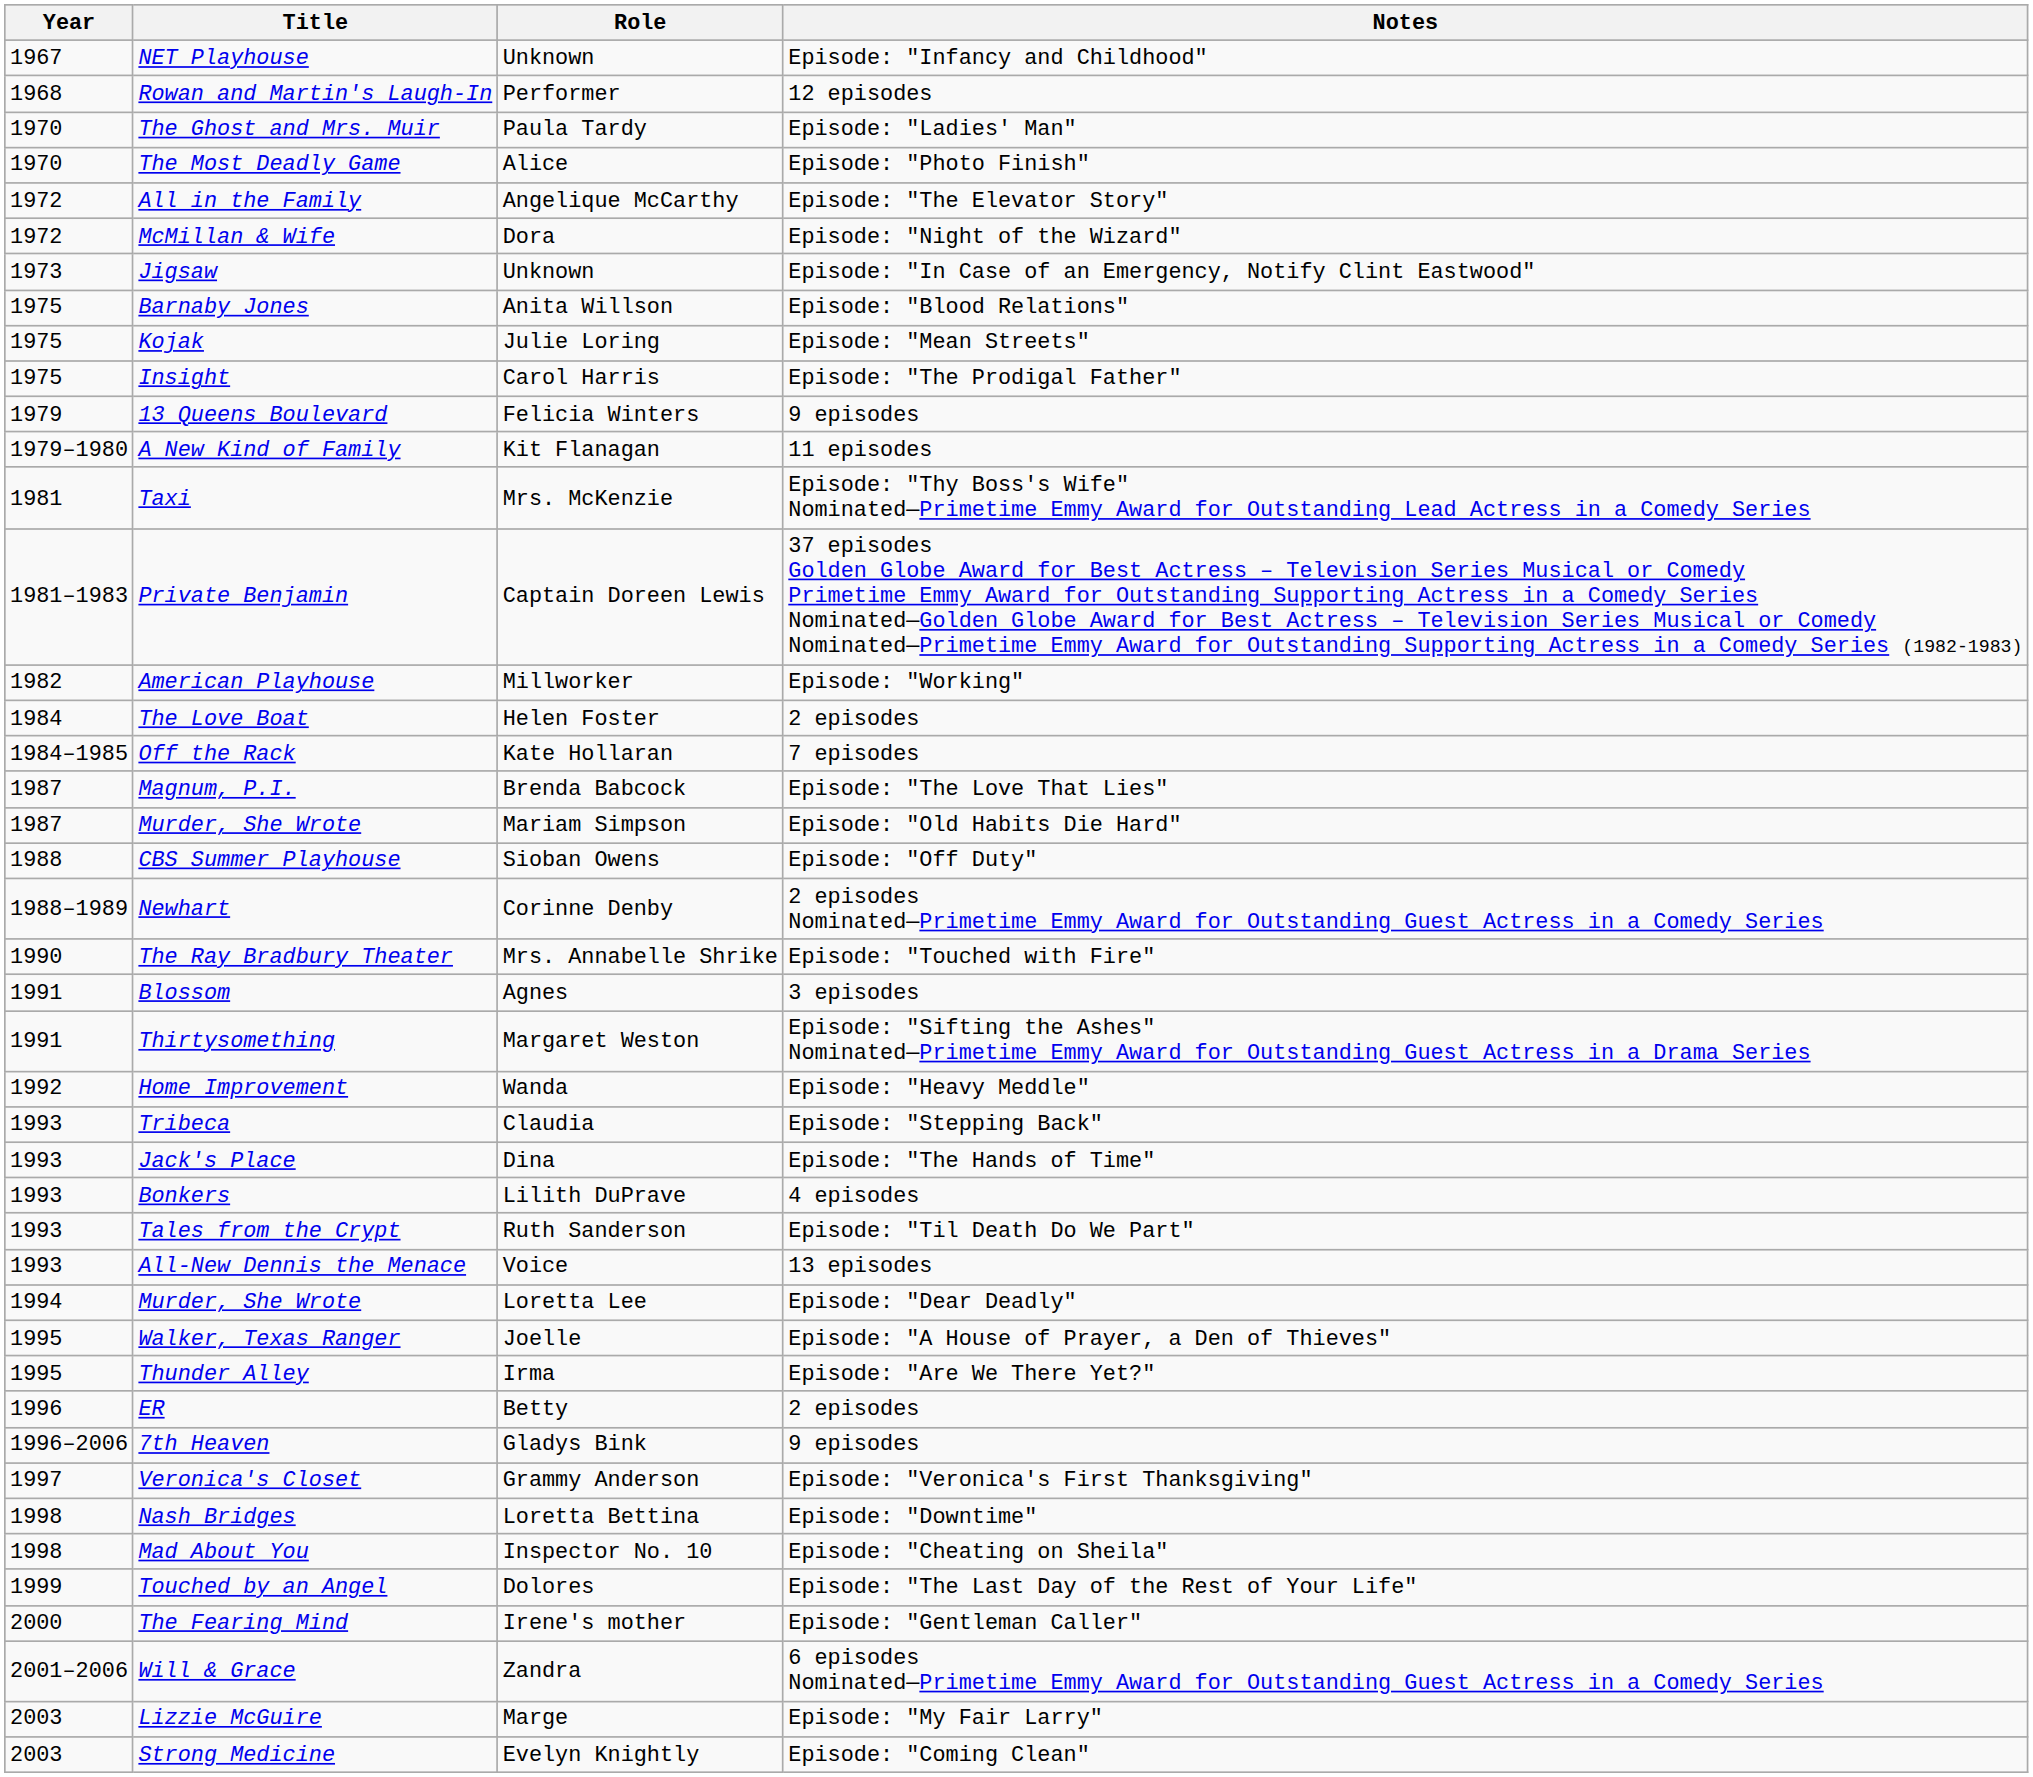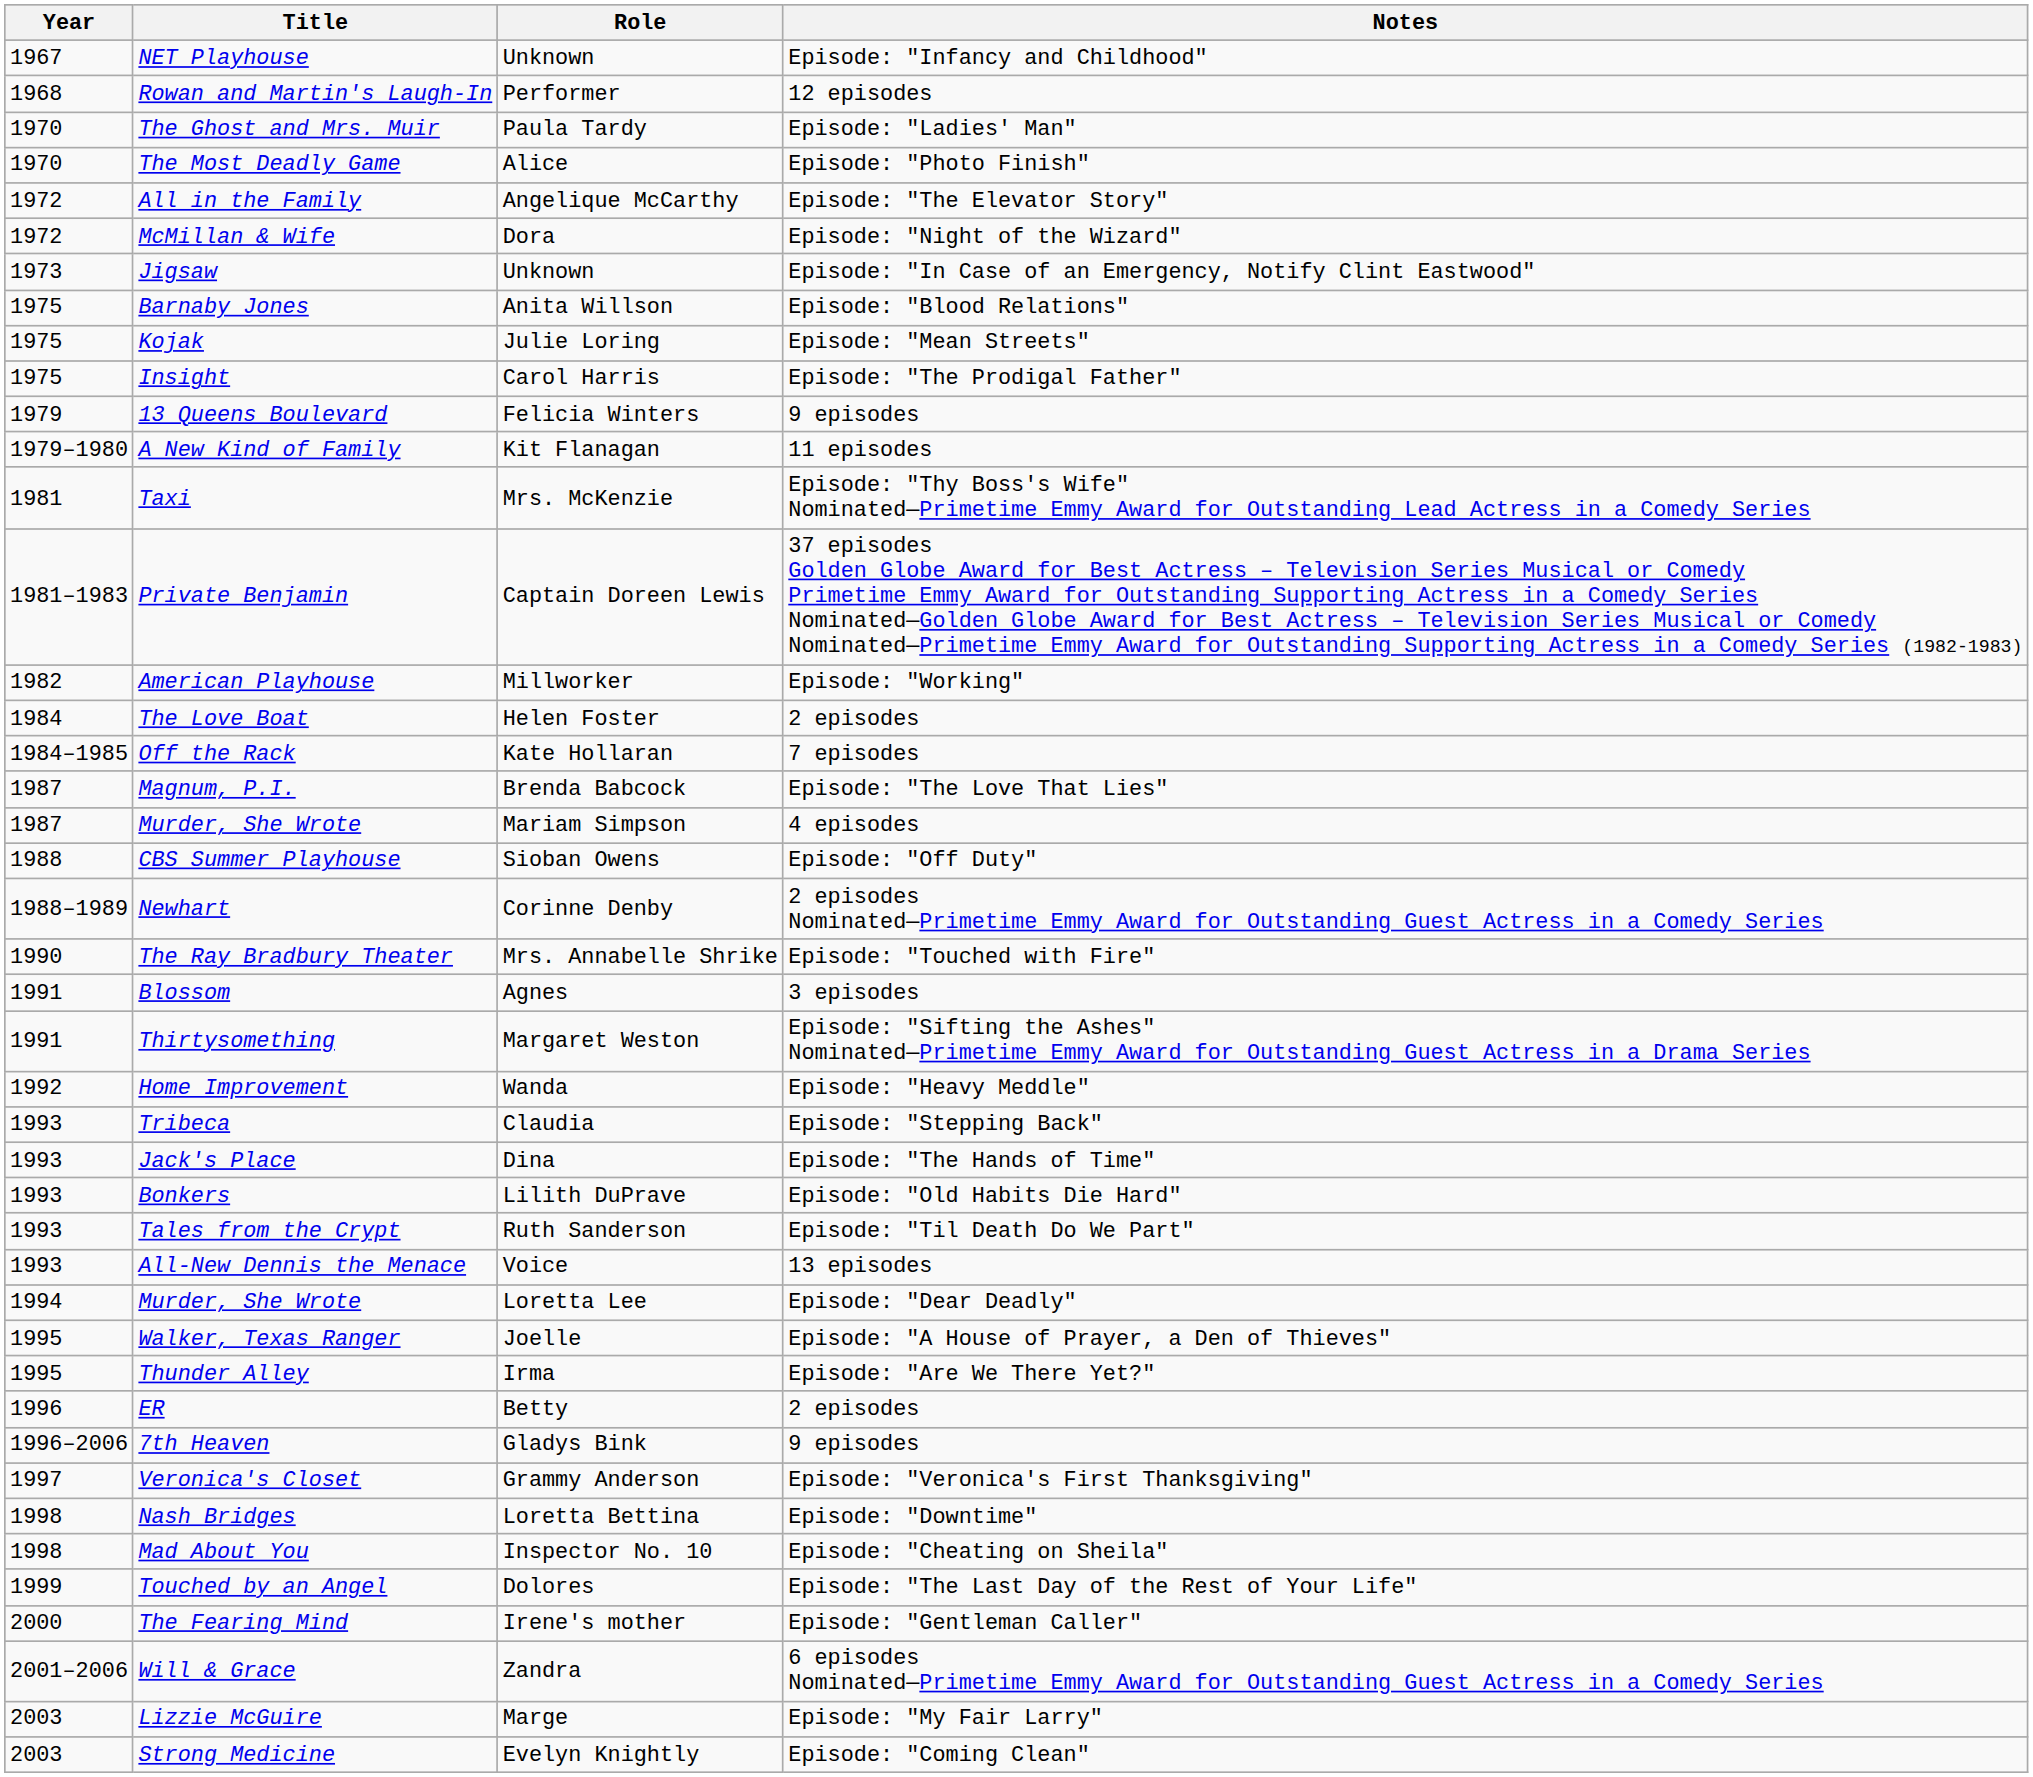 <table class="wikitable sortable">
 <tr>
 <th>Year</th>
 <th>Title</th>
 <th>Role</th>
 <th class="unsortable">Notes</th>
 </tr>
 <tr>
 <td>1967</td>
 <td><em><a href='#'>NET Playhouse</a></em></td>
 <td>Unknown</td>
 <td>Episode: "Infancy and Childhood"</td>
 </tr>
 <tr>
 <td>1968</td>
 <td><em><a href='#'>Rowan and Martin's Laugh-In</a></em></td>
 <td>Performer</td>
 <td>12 episodes</td>
 </tr>
 <tr>
 <td>1970</td>
 <td><em><a href='#'>The Ghost and Mrs. Muir</a></em></td>
 <td>Paula Tardy</td>
 <td>Episode: "Ladies' Man"</td>
 </tr>
 <tr>
 <td>1970</td>
 <td><em><a href='#'>The Most Deadly Game</a></em></td>
 <td>Alice</td>
 <td>Episode: "Photo Finish"</td>
 </tr>
 <tr>
 <td>1972</td>
 <td><em><a href='#'>All in the Family</a></em></td>
 <td>Angelique McCarthy</td>
 <td>Episode: "The Elevator Story"</td>
 </tr>
 <tr>
 <td>1972</td>
 <td><em><a href='#'>McMillan & Wife</a></em></td>
 <td>Dora</td>
 <td>Episode: "Night of the Wizard"</td>
 </tr>
 <tr>
 <td>1973</td>
 <td><em><a href='#'>Jigsaw</a></em></td>
 <td>Unknown</td>
 <td>Episode: "In Case of an Emergency, Notify Clint Eastwood"</td>
 </tr>
 <tr>
 <td>1975</td>
 <td><em><a href='#'>Barnaby Jones</a></em></td>
 <td>Anita Willson</td>
 <td>Episode: "Blood Relations"</td>
 </tr>
 <tr>
 <td>1975</td>
 <td><em><a href='#'>Kojak</a></em></td>
 <td>Julie Loring</td>
 <td>Episode: "Mean Streets"</td>
 </tr>
 <tr>
 <td>1975</td>
 <td><em><a href='#'>Insight</a></em></td>
 <td>Carol Harris</td>
 <td>Episode: "The Prodigal Father"</td>
 </tr>
 <tr>
 <td>1979</td>
 <td><em><a href='#'>13 Queens Boulevard</a></em></td>
 <td>Felicia Winters</td>
 <td>9 episodes</td>
 </tr>
 <tr>
 <td>1979–1980</td>
 <td><em><a href='#'>A New Kind of Family</a></em></td>
 <td>Kit Flanagan</td>
 <td>11 episodes</td>
 </tr>
 <tr>
 <td>1981</td>
 <td><em><a href='#'>Taxi</a></em></td>
 <td>Mrs. McKenzie</td>
 <td>Episode: "Thy Boss's Wife"<br>Nominated—<a href='#'>Primetime Emmy Award for Outstanding Lead Actress in a Comedy Series</a></td>
 </tr>
 <tr>
 <td>1981–1983</td>
 <td><em><a href='#'>Private Benjamin</a></em></td>
 <td>Captain Doreen Lewis</td>
 <td>37 episodes<br><a href='#'>Golden Globe Award for Best Actress – Television Series Musical or Comedy</a><br><a href='#'>Primetime Emmy Award for Outstanding Supporting Actress in a Comedy Series</a><br>Nominated—<a href='#'>Golden Globe Award for Best Actress – Television Series Musical or Comedy</a><br>Nominated—<a href='#'>Primetime Emmy Award for Outstanding Supporting Actress in a Comedy Series</a> <small>(1982-1983)</small></td>
 </tr>
 <tr>
 <td>1982</td>
 <td><em><a href='#'>American Playhouse</a></em></td>
 <td>Millworker</td>
 <td>Episode: "Working"</td>
 </tr>
 <tr>
 <td>1984</td>
 <td><em><a href='#'>The Love Boat</a></em></td>
 <td>Helen Foster</td>
 <td>2 episodes</td>
 </tr>
 <tr>
 <td>1984–1985</td>
 <td><em><a href='#'>Off the Rack</a></em></td>
 <td>Kate Hollaran</td>
 <td>7 episodes</td>
 </tr>
 <tr>
 <td>1987</td>
 <td><em><a href='#'>Magnum, P.I.</a></em></td>
 <td>Brenda Babcock</td>
 <td>Episode: "The Love That Lies"</td>
 </tr>
 <tr>
 <td>1987</td>
 <td><em><a href='#'>Murder, She Wrote</a></em></td>
 <td>Mariam Simpson</td>
-<td>Episode: "Old Habits Die Hard"</td>
+<td>4 episodes</td>
 </tr>
 <tr>
 <td>1988</td>
 <td><em><a href='#'>CBS Summer Playhouse</a></em></td>
 <td>Sioban Owens</td>
 <td>Episode: "Off Duty"</td>
 </tr>
 <tr>
 <td>1988–1989</td>
 <td><em><a href='#'>Newhart</a></em></td>
 <td>Corinne Denby</td>
 <td>2 episodes<br>Nominated—<a href='#'>Primetime Emmy Award for Outstanding Guest Actress in a Comedy Series</a></td>
 </tr>
 <tr>
 <td>1990</td>
 <td><em><a href='#'>The Ray Bradbury Theater</a></em></td>
 <td>Mrs. Annabelle Shrike</td>
 <td>Episode: "Touched with Fire"</td>
 </tr>
 <tr>
 <td>1991</td>
 <td><em><a href='#'>Blossom</a></em></td>
 <td>Agnes</td>
 <td>3 episodes</td>
 </tr>
 <tr>
 <td>1991</td>
 <td><em><a href='#'>Thirtysomething</a></em></td>
 <td>Margaret Weston</td>
 <td>Episode: "Sifting the Ashes"<br>Nominated—<a href='#'>Primetime Emmy Award for Outstanding Guest Actress in a Drama Series</a></td>
 </tr>
 <tr>
 <td>1992</td>
 <td><em><a href='#'>Home Improvement</a></em></td>
 <td>Wanda</td>
 <td>Episode: "Heavy Meddle"</td>
 </tr>
 <tr>
 <td>1993</td>
 <td><em><a href='#'>Tribeca</a></em></td>
 <td>Claudia</td>
 <td>Episode: "Stepping Back"</td>
 </tr>
 <tr>
 <td>1993</td>
 <td><em><a href='#'>Jack's Place</a></em></td>
 <td>Dina</td>
 <td>Episode: "The Hands of Time"</td>
 </tr>
 <tr>
 <td>1993</td>
 <td><em><a href='#'>Bonkers</a></em></td>
 <td>Lilith DuPrave</td>
-<td>4 episodes</td>
+<td>Episode: "Old Habits Die Hard"</td>
 </tr>
 <tr>
 <td>1993</td>
 <td><em><a href='#'>Tales from the Crypt</a></em></td>
 <td>Ruth Sanderson</td>
 <td>Episode: "Til Death Do We Part"</td>
 </tr>
 <tr>
 <td>1993</td>
 <td><em><a href='#'>All-New Dennis the Menace</a></em></td>
 <td>Voice</td>
 <td>13 episodes</td>
 </tr>
 <tr>
 <td>1994</td>
 <td><em><a href='#'>Murder, She Wrote</a></em></td>
 <td>Loretta Lee</td>
 <td>Episode: "Dear Deadly"</td>
 </tr>
 <tr>
 <td>1995</td>
 <td><em><a href='#'>Walker, Texas Ranger</a></em></td>
 <td>Joelle</td>
 <td>Episode: "A House of Prayer, a Den of Thieves"</td>
 </tr>
 <tr>
 <td>1995</td>
 <td><em><a href='#'>Thunder Alley</a></em></td>
 <td>Irma</td>
 <td>Episode: "Are We There Yet?"</td>
 </tr>
 <tr>
 <td>1996</td>
 <td><em><a href='#'>ER</a></em></td>
 <td>Betty</td>
 <td>2 episodes</td>
 </tr>
 <tr>
 <td>1996–2006</td>
 <td><em><a href='#'>7th Heaven</a></em></td>
 <td>Gladys Bink</td>
 <td>9 episodes</td>
 </tr>
 <tr>
 <td>1997</td>
 <td><em><a href='#'>Veronica's Closet</a></em></td>
 <td>Grammy Anderson</td>
 <td>Episode: "Veronica's First Thanksgiving"</td>
 </tr>
 <tr>
 <td>1998</td>
 <td><em><a href='#'>Nash Bridges</a></em></td>
 <td>Loretta Bettina</td>
 <td>Episode: "Downtime"</td>
 </tr>
 <tr>
 <td>1998</td>
 <td><em><a href='#'>Mad About You</a></em></td>
 <td>Inspector No. 10</td>
 <td>Episode: "Cheating on Sheila"</td>
 </tr>
 <tr>
 <td>1999</td>
 <td><em><a href='#'>Touched by an Angel</a></em></td>
 <td>Dolores</td>
 <td>Episode: "The Last Day of the Rest of Your Life"</td>
 </tr>
 <tr>
 <td>2000</td>
 <td><em><a href='#'>The Fearing Mind</a></em></td>
 <td>Irene's mother</td>
 <td>Episode: "Gentleman Caller"</td>
 </tr>
 <tr>
 <td>2001–2006</td>
 <td><em><a href='#'>Will & Grace</a></em></td>
 <td>Zandra</td>
 <td>6 episodes<br>Nominated—<a href='#'>Primetime Emmy Award for Outstanding Guest Actress in a Comedy Series</a></td>
 </tr>
 <tr>
 <td>2003</td>
 <td><em><a href='#'>Lizzie McGuire</a></em></td>
 <td>Marge</td>
 <td>Episode: "My Fair Larry"</td>
 </tr>
 <tr>
 <td>2003</td>
 <td><em><a href='#'>Strong Medicine</a></em></td>
 <td>Evelyn Knightly</td>
 <td>Episode: "Coming Clean"</td>
 </tr>
 </table>
